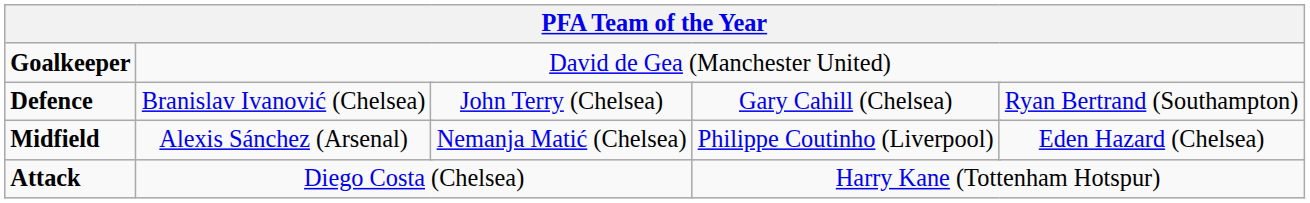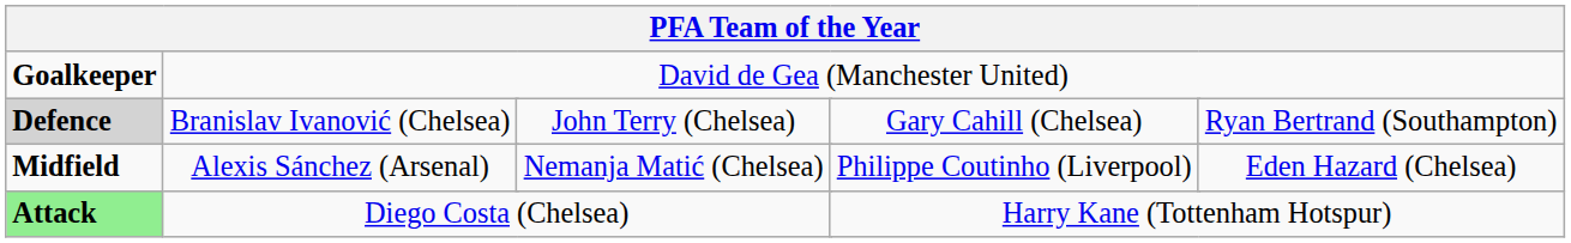 <table class="wikitable">
 <tr>
 <th colspan="13"><a href='#'>PFA Team of the Year</a></th>
 </tr>
 <tr>
 <td><strong>Goalkeeper</strong></td>
 <td colspan="12" align="center"> <a href='#'>David de Gea</a> (Manchester United)</td>
 </tr>
 <tr>
-<td><strong>Defence</strong></td>
+<td style="background: lightgrey;"><strong>Defence</strong></td>
 <td colspan="3" align="center"> <a href='#'>Branislav Ivanović</a> (Chelsea)</td>
 <td colspan="3" align="center"> <a href='#'>John Terry</a> (Chelsea)</td>
 <td colspan="3" align="center"> <a href='#'>Gary Cahill</a> (Chelsea)</td>
 <td colspan="3" align="center"> <a href='#'>Ryan Bertrand</a> (Southampton)</td>
 </tr>
 <tr>
 <td><strong>Midfield</strong></td>
 <td colspan="3" align="center"> <a href='#'>Alexis Sánchez</a> (Arsenal)</td>
 <td colspan="3" align="center"> <a href='#'>Nemanja Matić</a> (Chelsea)</td>
 <td colspan="3" align="center"> <a href='#'>Philippe Coutinho</a> (Liverpool)</td>
 <td colspan="3" align="center"> <a href='#'>Eden Hazard</a> (Chelsea)</td>
 </tr>
 <tr>
-<td><strong>Attack</strong></td>
+<td style="background: lightgreen;"><strong>Attack</strong></td>
 <td colspan="6" align="center"> <a href='#'>Diego Costa</a> (Chelsea)</td>
 <td colspan="6" align="center"> <a href='#'>Harry Kane</a> (Tottenham Hotspur)</td>
 </tr>
 </table>
